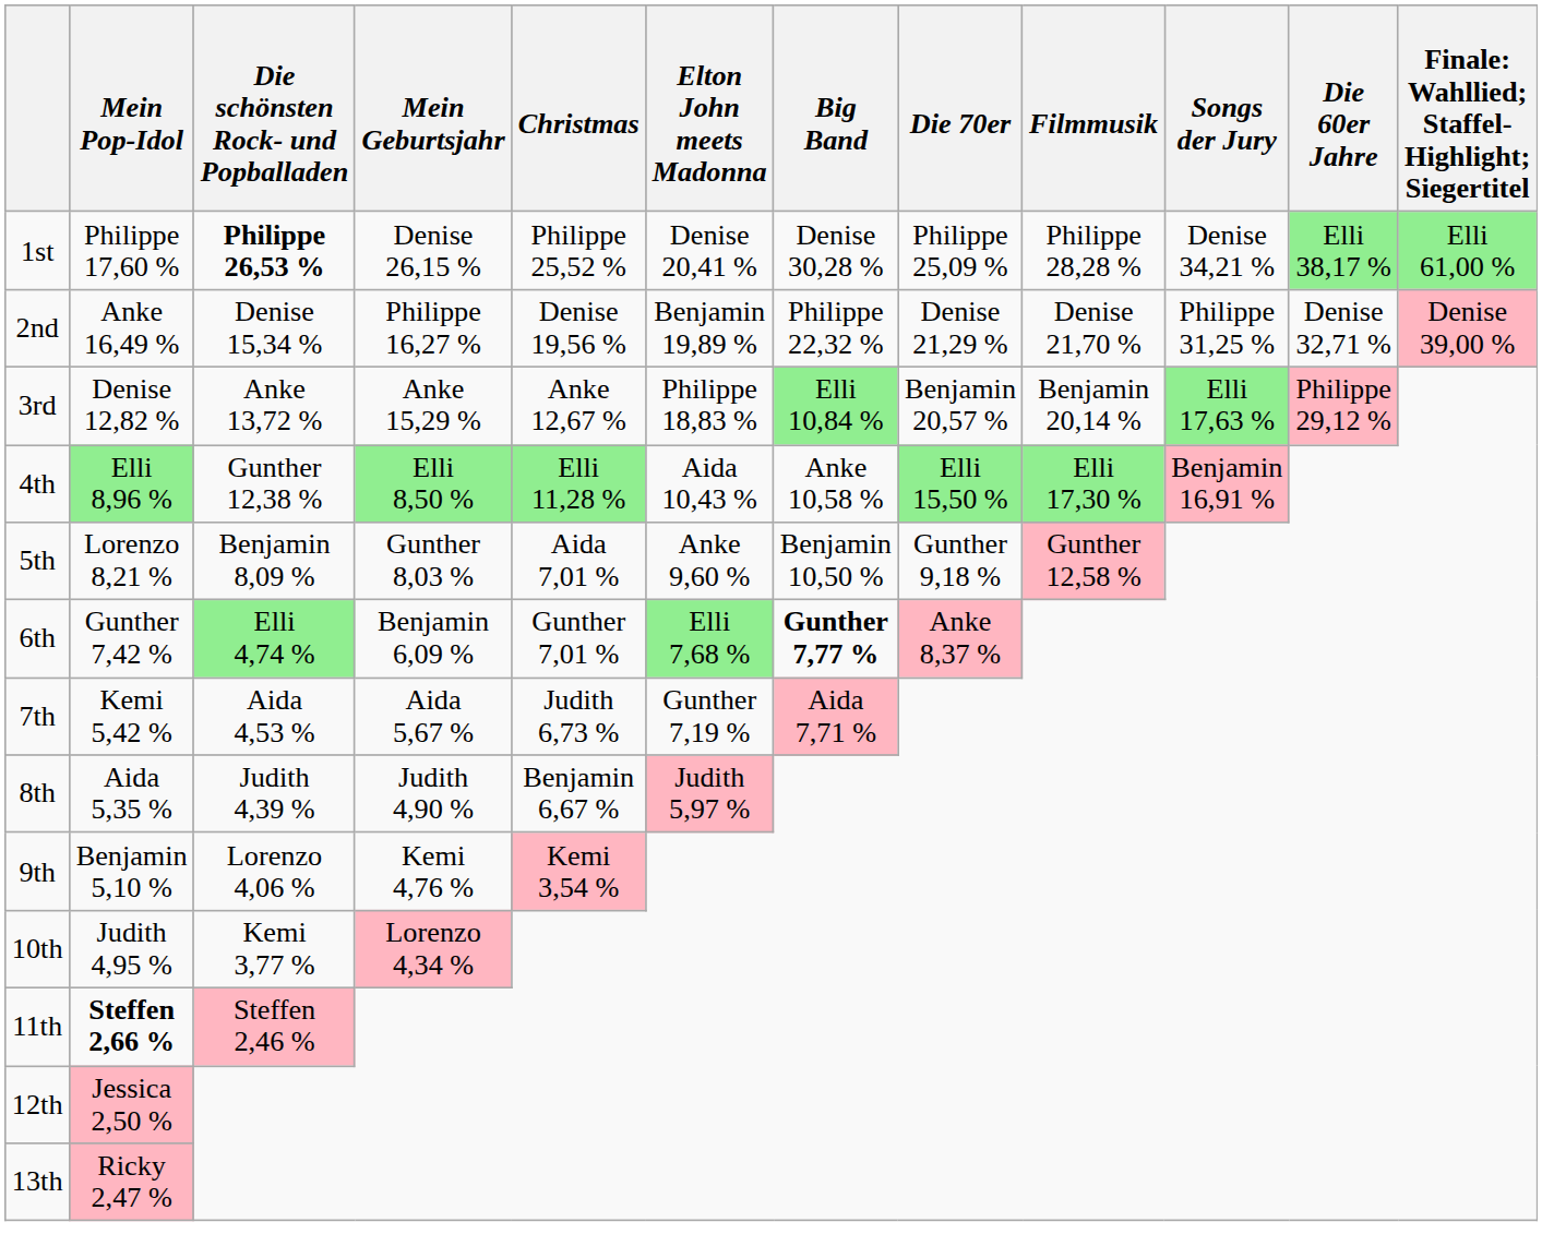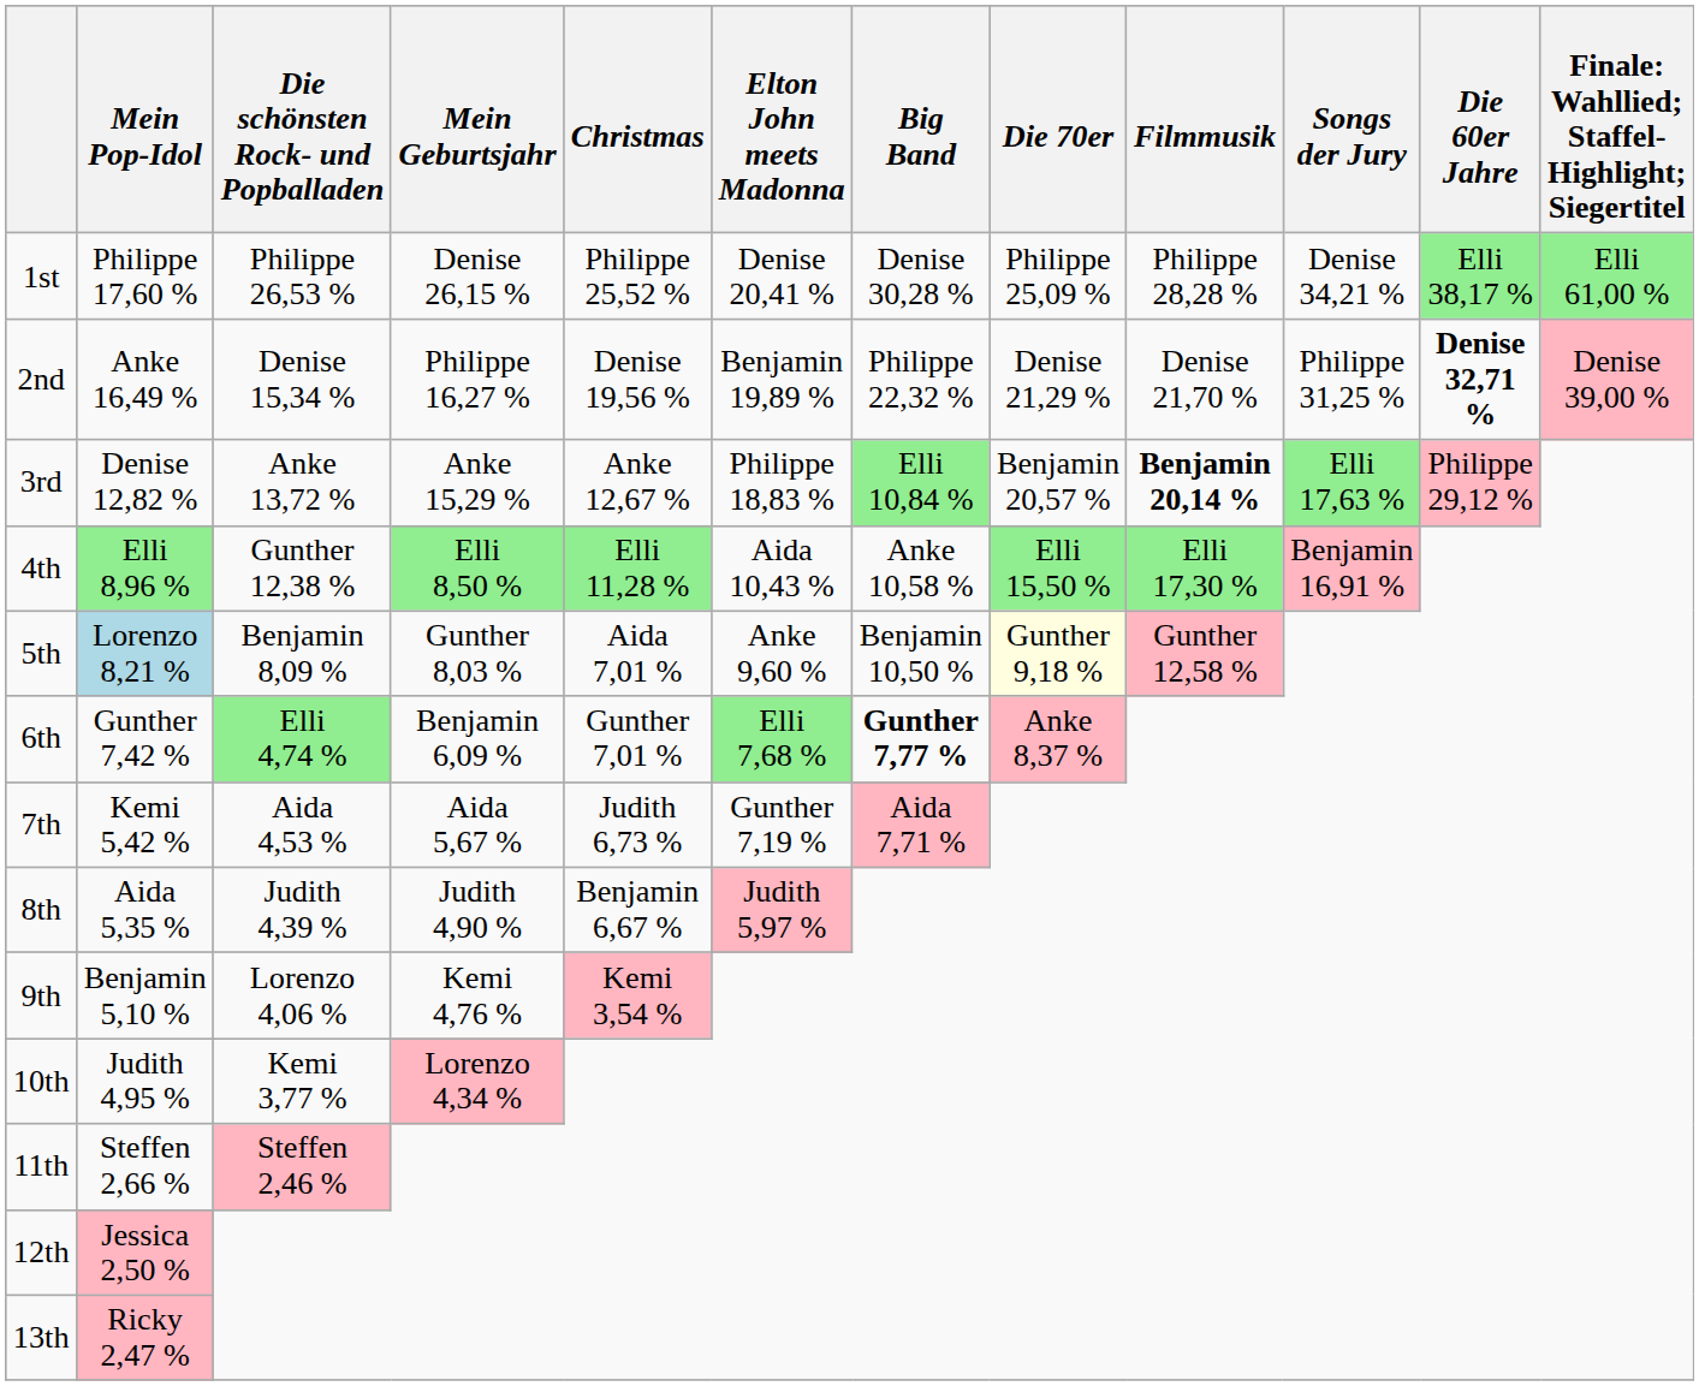 <table class="wikitable" style="text-align:center;">
 <tr class="hintergrundfarbe8">
 <th class="unsortable"></th>
 <th style="width:8%"><br> <em>Mein Pop-Idol</em></th>
 <th style="width:8%"><br> <em>Die schönsten Rock- und Popballaden</em></th>
 <th style="width:8%"><br> <em>Mein Geburtsjahr</em></th>
 <th style="width:8%"><br> <em>Christmas</em></th>
 <th style="width:8%"><br> <em>Elton John meets Madonna</em></th>
 <th style="width:8%"><br> <em>Big Band</em></th>
 <th style="width:8%"><br> <em>Die 70er</em></th>
 <th style="width:8%"><br> <em>Filmmusik</em></th>
 <th style="width:8%"><br> <em>Songs der Jury</em></th>
 <th style="width:8%"><br> <em>Die 60er Jahre</em></th>
 <th style="width:8%"><br> Finale: Wahllied; Staffel-Highlight; Siegertitel</th>
 </tr>
 <tr>
 <td>1st</td>
 <td>Philippe<br> 17,60 %</td>
-<td><strong>Philippe<br> 26,53 %</strong></td>
+<td>Philippe<br> 26,53 %</td>
 <td>Denise<br> 26,15 %</td>
 <td>Philippe<br> 25,52 %</td>
 <td>Denise<br> 20,41 %</td>
 <td>Denise<br> 30,28 %</td>
 <td>Philippe<br> 25,09 %</td>
 <td>Philippe<br> 28,28 %</td>
 <td>Denise<br> 34,21 %</td>
 <td style="background:lightgreen;">Elli<br> 38,17 %</td>
 <td style="background:lightgreen;">Elli<br> 61,00 %</td>
 </tr>
 <tr>
 <td>2nd</td>
 <td>Anke<br> 16,49 %</td>
 <td>Denise<br> 15,34 %</td>
 <td>Philippe<br> 16,27 %</td>
 <td>Denise<br> 19,56 %</td>
 <td>Benjamin<br> 19,89 %</td>
 <td>Philippe<br> 22,32 %</td>
 <td>Denise<br> 21,29 %</td>
 <td>Denise<br> 21,70 %</td>
 <td>Philippe<br> 31,25 %</td>
-<td>Denise<br> 32,71 %</td>
+<td><strong>Denise<br> 32,71 %</strong></td>
 <td style="background:lightpink;">Denise<br> 39,00 %</td>
 </tr>
 <tr>
 <td>3rd</td>
 <td>Denise<br> 12,82 %</td>
 <td>Anke<br> 13,72 %</td>
 <td>Anke<br> 15,29 %</td>
 <td>Anke<br> 12,67 %</td>
 <td>Philippe<br> 18,83 %</td>
 <td style="background:lightgreen;">Elli<br> 10,84 %</td>
 <td>Benjamin<br> 20,57 %</td>
-<td>Benjamin<br> 20,14 %</td>
+<td><strong>Benjamin<br> 20,14 %</strong></td>
 <td style="background:lightgreen;">Elli<br> 17,63 %</td>
 <td style="background:lightpink;">Philippe<br> 29,12 %</td>
 </tr>
 <tr>
 <td>4th</td>
 <td style="background:lightgreen;">Elli<br> 8,96 %</td>
 <td>Gunther<br> 12,38 %</td>
 <td style="background:lightgreen;">Elli<br> 8,50 %</td>
 <td style="background:lightgreen;">Elli<br> 11,28 %</td>
 <td>Aida<br> 10,43 %</td>
 <td>Anke<br> 10,58 %</td>
 <td style="background:lightgreen;">Elli<br> 15,50 %</td>
 <td style="background:lightgreen;">Elli<br> 17,30 %</td>
 <td style="background:lightpink;">Benjamin<br> 16,91 %</td>
 </tr>
 <tr>
 <td>5th</td>
-<td>Lorenzo<br> 8,21 %</td>
+<td style="background: lightblue;">Lorenzo<br> 8,21 %</td>
 <td>Benjamin<br> 8,09 %</td>
 <td>Gunther<br> 8,03 %</td>
 <td>Aida<br> 7,01 %</td>
 <td>Anke<br> 9,60 %</td>
 <td>Benjamin<br> 10,50 %</td>
-<td>Gunther<br> 9,18 %</td>
+<td style="background: lightyellow;">Gunther<br> 9,18 %</td>
 <td style="background:lightpink;">Gunther<br> 12,58 %</td>
 </tr>
 <tr>
 <td>6th</td>
 <td>Gunther<br> 7,42 %</td>
 <td style="background:lightgreen;">Elli<br> 4,74 %</td>
 <td>Benjamin<br> 6,09 %</td>
 <td>Gunther<br> 7,01 %</td>
 <td style="background:lightgreen;">Elli<br> 7,68 %</td>
 <td><strong>Gunther<br> 7,77 %</strong></td>
 <td style="background:lightpink;">Anke<br> 8,37 %</td>
 </tr>
 <tr>
 <td>7th</td>
 <td>Kemi<br> 5,42 %</td>
 <td>Aida<br> 4,53 %</td>
 <td>Aida<br> 5,67 %</td>
 <td>Judith<br> 6,73 %</td>
 <td>Gunther<br> 7,19 %</td>
 <td style="background:lightpink;">Aida<br> 7,71 %</td>
 </tr>
 <tr>
 <td>8th</td>
 <td>Aida<br> 5,35 %</td>
 <td>Judith<br> 4,39 %</td>
 <td>Judith<br> 4,90 %</td>
 <td>Benjamin<br> 6,67 %</td>
 <td Style="background:lightpink;">Judith<br> 5,97 %</td>
 </tr>
 <tr>
 <td>9th</td>
 <td>Benjamin<br> 5,10 %</td>
 <td>Lorenzo<br> 4,06 %</td>
 <td>Kemi<br> 4,76 %</td>
 <td style="background:lightpink;">Kemi<br> 3,54 %</td>
 </tr>
 <tr>
 <td>10th</td>
 <td>Judith<br> 4,95 %</td>
 <td>Kemi<br> 3,77 %</td>
 <td style="background:lightpink;">Lorenzo<br> 4,34 %</td>
 </tr>
 <tr>
 <td>11th</td>
-<td><strong>Steffen<br> 2,66 %</strong></td>
+<td>Steffen<br> 2,66 %</td>
 <td style="background:lightpink;">Steffen<br> 2,46 %</td>
 </tr>
 <tr>
 <td>12th</td>
 <td style="background:lightpink;">Jessica<br> 2,50 %</td>
 </tr>
 <tr>
 <td>13th</td>
 <td style="background:lightpink;">Ricky<br> 2,47 %</td>
 </tr>
 </table>
